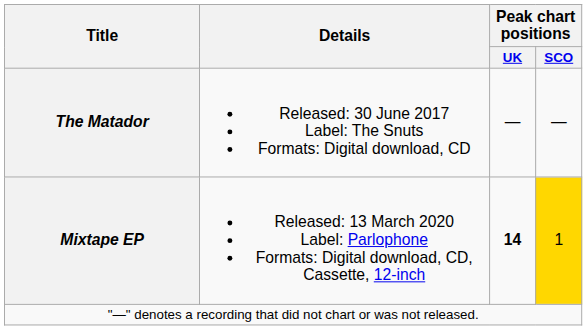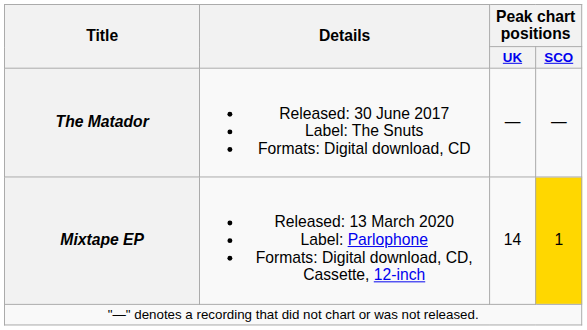 <table class="wikitable plainrowheaders" style="text-align:center;">
 <tr>
 <th scope="col" rowspan="2" style="width:12em;">Title</th>
 <th scope="col" rowspan="2" style="width:18em;">Details</th>
 <th scope="col" colspan="2">Peak chart positions</th>
 </tr>
 <tr>
 <th scope="col" style="width:3em;font-size:85%;"><a href='#'>UK</a><br></th>
 <th scope="col" style="width:3em;font-size:85%;"><a href='#'>SCO</a><br></th>
 </tr>
 <tr>
 <th scope="row"><em>The Matador</em></th>
 <td><br><ul><li>Released: 30 June 2017</li><li>Label: The Snuts</li><li>Formats: Digital download, CD</li></ul></td>
 <td>—</td>
 <td>—</td>
 </tr>
 <tr>
 <th scope="row"><em>Mixtape EP</em></th>
 <td><br><ul><li>Released: 13 March 2020</li><li>Label: <a href='#'>Parlophone</a></li><li>Formats: Digital download, CD, Cassette, <a href='#'>12-inch</a></li></ul></td>
-<td><strong>14</strong></td>
+<td>14</td>
 <td style="background: gold;">1</td>
 </tr>
 <tr>
 <td style="text-align:center; font-size:85%;" colspan="20">"—" denotes a recording that did not chart or was not released.</td>
 </tr>
 </table>
